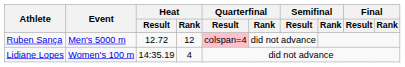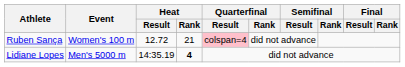 <table class="wikitable" style="font-size:90%">
 <tr>
 <th rowspan="2">Athlete</th>
 <th rowspan="2">Event</th>
 <th colspan="2">Heat</th>
 <th colspan="2">Quarterfinal</th>
 <th colspan="2">Semifinal</th>
 <th colspan="2">Final</th>
 </tr>
 <tr style="font-size:95%">
 <th>Result</th>
 <th>Rank</th>
 <th>Result</th>
 <th>Rank</th>
 <th>Result</th>
 <th>Rank</th>
 <th>Result</th>
 <th>Rank</th>
 </tr>
 <tr align=center>
 <td align=left><a href='#'>Ruben Sança</a></td>
-<td align=left><a href='#'>Men's 5000 m</a></td>
+<td align=left><a href='#'>Women's 100 m</a></td>
 <td>12.72</td>
-<td>12</td>
+<td>21</td>
 <td style="background: pink;">colspan=4 </td>
 <td colspan="2">did not advance</td>
 </tr>
 <tr align=center>
 <td align=left><a href='#'>Lidiane Lopes</a></td>
-<td align=left><a href='#'>Women's 100 m</a></td>
+<td align=left><a href='#'>Men's 5000 m</a></td>
 <td>14:35.19</td>
-<td>4</td>
+<td><strong>4</strong></td>
 <td colspan=6>did not advance</td>
 </tr>
 </table>
